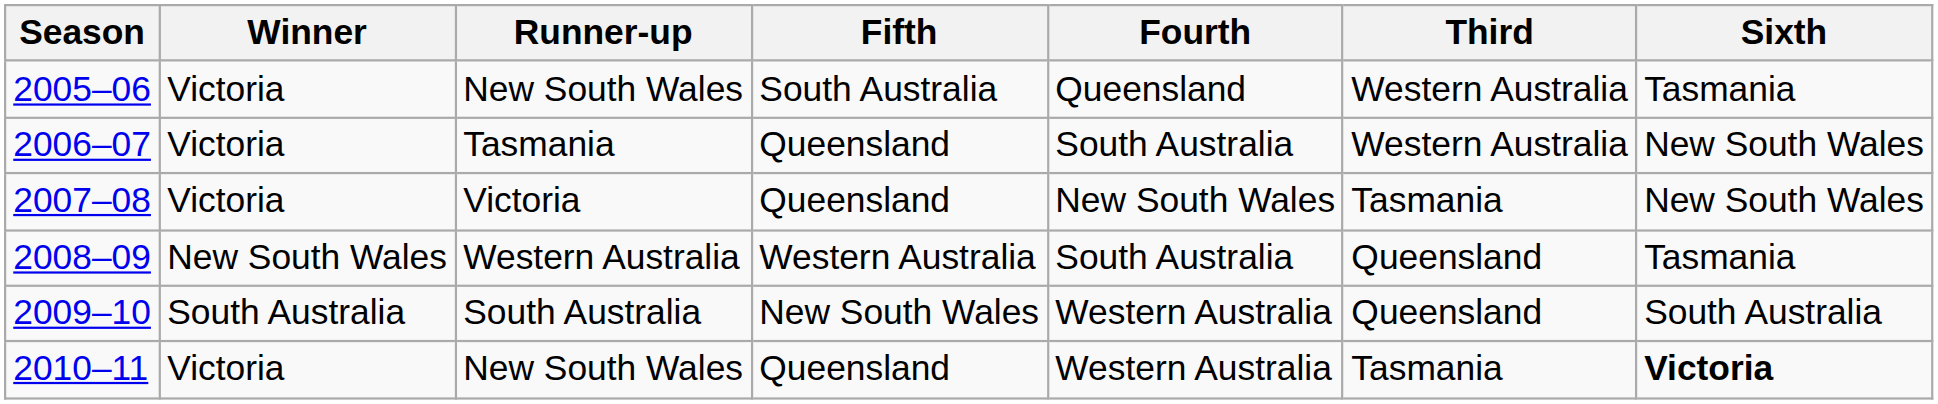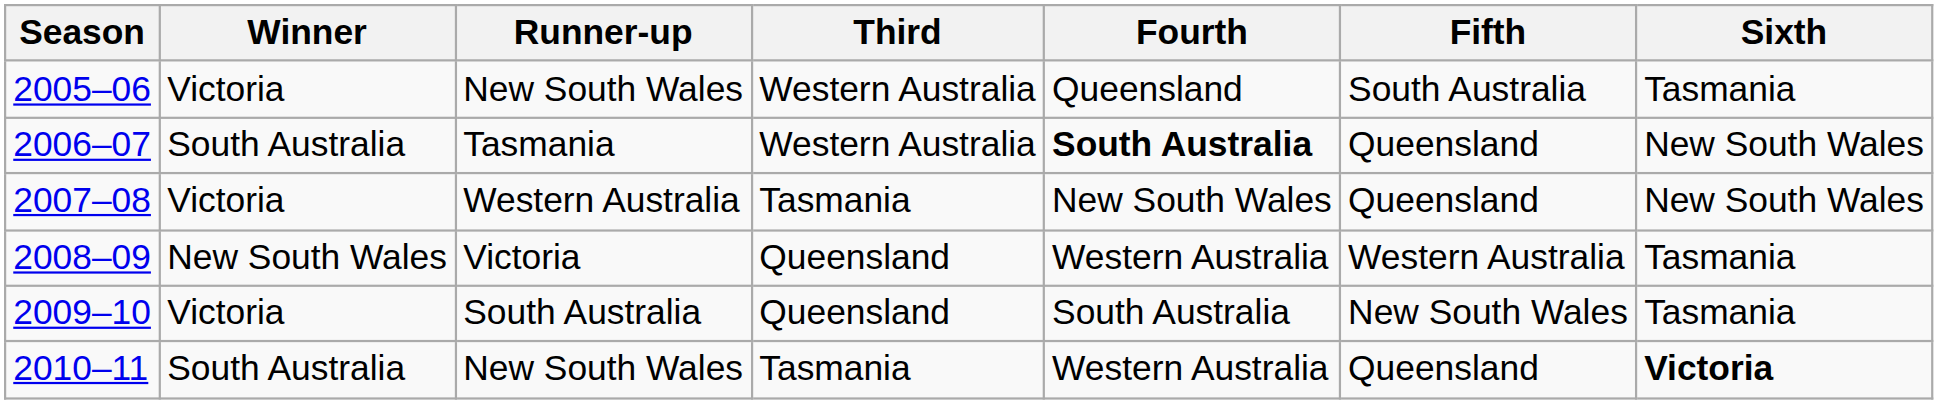 <table class="wikitable">
 <tr>
 <th>Season</th>
 <th>Winner</th>
 <th>Runner-up</th>
+<th>Third</th>
+<th>Fourth</th>
 <th>Fifth</th>
-<th>Fourth</th>
-<th>Third</th>
 <th>Sixth</th>
 </tr>
 <tr>
 <td><a href='#'>2005–06</a></td>
 <td style="background-color:#">Victoria</td>
 <td style="background-color:#">New South Wales</td>
+<td style="background-color:#">Western Australia</td>
+<td style="background-color:#">Queensland</td>
 <td style="background-color:#">South Australia</td>
-<td style="background-color:#">Queensland</td>
-<td style="background-color:#">Western Australia</td>
 <td style="background-color:#">Tasmania</td>
 </tr>
 <tr>
 <td><a href='#'>2006–07</a></td>
-<td style="background-color:#">Victoria</td>
+<td style="background-color:#">South Australia</td>
 <td style="background-color:#">Tasmania</td>
+<td style="background-color:#">Western Australia</td>
+<td style="background-color:#"><strong>South Australia</strong></td>
 <td style="background-color:#">Queensland</td>
-<td style="background-color:#">South Australia</td>
-<td style="background-color:#">Western Australia</td>
 <td style="background-color:#">New South Wales</td>
 </tr>
 <tr>
 <td><a href='#'>2007–08</a></td>
 <td style="background-color:#">Victoria</td>
-<td style="background-color:#">Victoria</td>
+<td style="background-color:#">Western Australia</td>
+<td style="background-color:#">Tasmania</td>
+<td style="background-color:#">New South Wales</td>
 <td style="background-color:#">Queensland</td>
-<td style="background-color:#">New South Wales</td>
-<td style="background-color:#">Tasmania</td>
 <td style="background-color:#">New South Wales</td>
 </tr>
 <tr>
 <td><a href='#'>2008–09</a></td>
 <td style="background-color:#">New South Wales</td>
+<td style="background-color:#">Victoria</td>
+<td style="background-color:#">Queensland</td>
 <td style="background-color:#">Western Australia</td>
 <td style="background-color:#">Western Australia</td>
-<td style="background-color:#">South Australia</td>
-<td style="background-color:#">Queensland</td>
 <td style="background-color:#">Tasmania</td>
 </tr>
 <tr>
 <td><a href='#'>2009–10</a></td>
+<td style="background-color:#">Victoria</td>
 <td style="background-color:#">South Australia</td>
+<td style="background-color:#">Queensland</td>
 <td style="background-color:#">South Australia</td>
 <td style="background-color:#">New South Wales</td>
-<td style="background-color:#">Western Australia</td>
-<td style="background-color:#">Queensland</td>
-<td style="background-color:#">South Australia</td>
+<td style="background-color:#">Tasmania</td>
 </tr>
 <tr>
 <td><a href='#'>2010–11</a></td>
-<td style="background-color:#">Victoria</td>
+<td style="background-color:#">South Australia</td>
 <td style="background-color:#">New South Wales</td>
+<td style="background-color:#">Tasmania</td>
+<td style="background-color:#">Western Australia</td>
 <td style="background-color:#">Queensland</td>
-<td style="background-color:#">Western Australia</td>
-<td style="background-color:#">Tasmania</td>
 <td style="background-color:#"><strong>Victoria</strong></td>
 </tr>
 </table>
